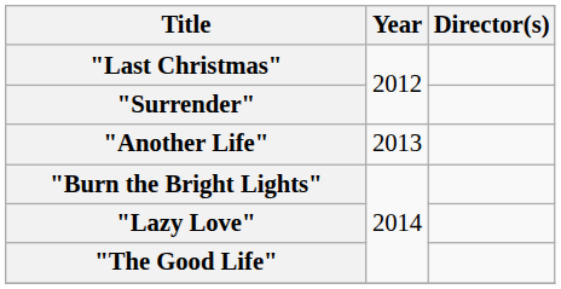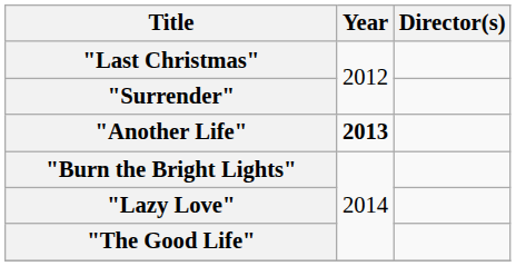 <table class="wikitable plainrowheaders" style="text-align:center;" border="1">
 <tr>
 <th scope="col" style="width:14em;">Title</th>
 <th scope="col">Year</th>
 <th scope="col">Director(s)</th>
 </tr>
 <tr>
 <th scope="row">"Last Christmas"</th>
 <td rowspan="2">2012</td>
 <td></td>
 </tr>
 <tr>
 <th scope="row">"Surrender"</th>
 <td></td>
 </tr>
 <tr>
 <th scope="row">"Another Life"</th>
-<td>2013</td>
+<td><strong>2013</strong></td>
 <td></td>
 </tr>
 <tr>
 <th scope="row">"Burn the Bright Lights"</th>
 <td rowspan="3">2014</td>
 <td></td>
 </tr>
 <tr>
 <th scope="row">"Lazy Love"</th>
 <td></td>
 </tr>
 <tr>
 <th scope="row">"The Good Life"</th>
 <td></td>
 </tr>
 <tr>
 </tr>
 </table>
